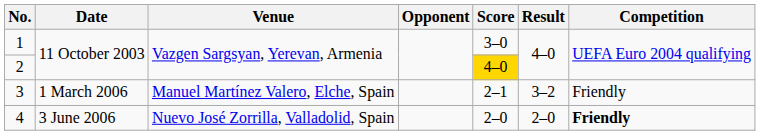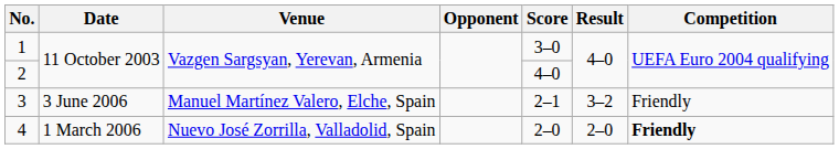 <table class="wikitable sortable">
 <tr>
 <th scope="col">No.</th>
 <th scope="col">Date</th>
 <th scope="col">Venue</th>
 <th scope="col">Opponent</th>
 <th scope="col">Score</th>
 <th scope="col">Result</th>
 <th scope="col">Competition</th>
 </tr>
 <tr>
 <td style="text-align:center">1</td>
 <td rowspan="2">11 October 2003</td>
 <td rowspan="2"><a href='#'>Vazgen Sargsyan</a>, <a href='#'>Yerevan</a>, Armenia</td>
 <td rowspan="2"></td>
 <td style="text-align:center">3–0</td>
 <td rowspan="2" style="text-align:center">4–0</td>
 <td rowspan="2"><a href='#'>UEFA Euro 2004 qualifying</a></td>
 </tr>
 <tr>
 <td style="text-align:center">2</td>
-<td style="background: gold; text-align:center">4–0</td>
+<td style="text-align:center">4–0</td>
 </tr>
 <tr>
 <td style="text-align:center">3</td>
-<td>1 March 2006</td>
+<td>3 June 2006</td>
 <td><a href='#'>Manuel Martínez Valero</a>, <a href='#'>Elche</a>, Spain</td>
 <td></td>
 <td style="text-align:center">2–1</td>
 <td style="text-align:center">3–2</td>
 <td>Friendly</td>
 </tr>
 <tr>
 <td style="text-align:center">4</td>
-<td>3 June 2006</td>
+<td>1 March 2006</td>
 <td><a href='#'>Nuevo José Zorrilla</a>, <a href='#'>Valladolid</a>, Spain</td>
 <td></td>
 <td style="text-align:center">2–0</td>
 <td style="text-align:center">2–0</td>
 <td><strong>Friendly</strong></td>
 </tr>
 </table>
